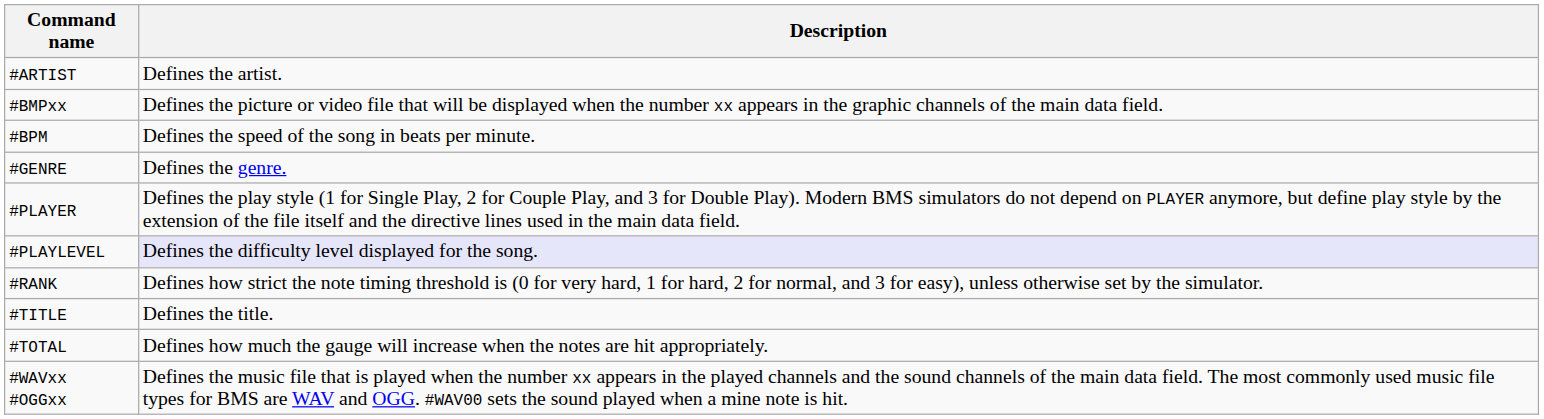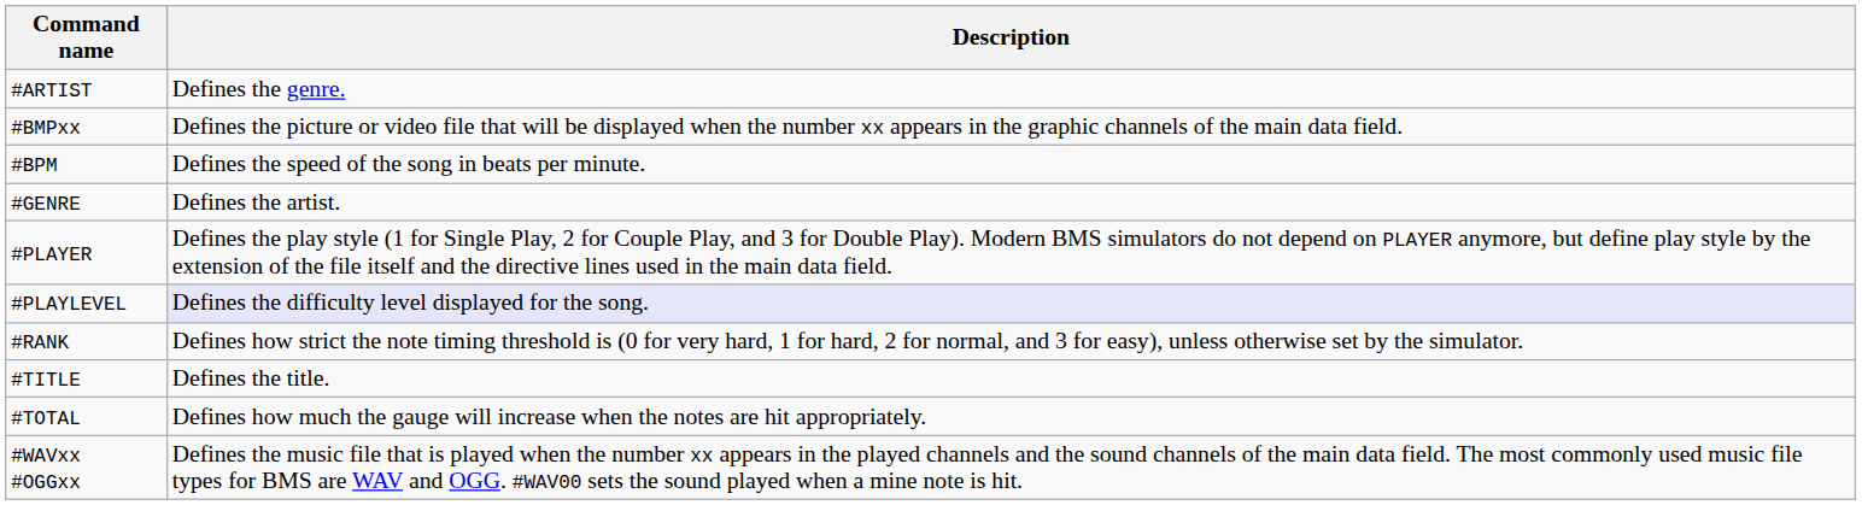 <table class="wikitable sortable">
 <tr>
 <th>Command name</th>
 <th>Description</th>
 </tr>
 <tr>
 <td><code>#ARTIST</code></td>
-<td>Defines the artist.</td>
+<td>Defines the <a href='#'>genre.</a></td>
 </tr>
 <tr>
 <td><code>#BMPxx</code></td>
 <td>Defines the picture or video file that will be displayed when the number <code>xx</code> appears in the graphic channels of the main data field.</td>
 </tr>
 <tr>
 <td><code>#BPM</code></td>
 <td>Defines the speed of the song in beats per minute.</td>
 </tr>
 <tr>
 <td><code>#GENRE</code></td>
-<td>Defines the <a href='#'>genre.</a></td>
+<td>Defines the artist.</td>
 </tr>
 <tr>
 <td><code>#PLAYER</code></td>
 <td>Defines the play style (1 for Single Play, 2 for Couple Play, and 3 for Double Play). Modern BMS simulators do not depend on <code>PLAYER</code> anymore, but define play style by the extension of the file itself and the directive lines used in the main data field.</td>
 </tr>
 <tr>
 <td><code>#PLAYLEVEL</code></td>
 <td style="background: lavender;">Defines the difficulty level displayed for the song.</td>
 </tr>
 <tr>
 <td><code>#RANK</code></td>
 <td>Defines how strict the note timing threshold is (0 for very hard, 1 for hard, 2 for normal, and 3 for easy), unless otherwise set by the simulator.</td>
 </tr>
 <tr>
 <td><code>#TITLE</code></td>
 <td>Defines the title.</td>
 </tr>
 <tr>
 <td><code>#TOTAL</code></td>
 <td>Defines how much the gauge will increase when the notes are hit appropriately.</td>
 </tr>
 <tr>
 <td><code>#WAVxx</code><br><code>#OGGxx</code></td>
 <td>Defines the music file that is played when the number <code>xx</code> appears in the played channels and the sound channels of the main data field. The most commonly used music file types for BMS are <a href='#'>WAV</a> and <a href='#'>OGG</a>. <code>#WAV00</code> sets the sound played when a mine note is hit.</td>
 </tr>
 </table>
